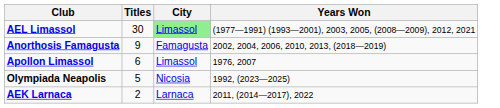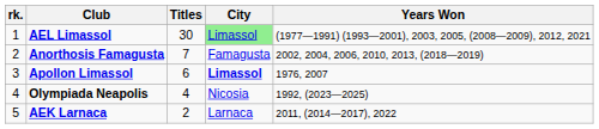 <table class="wikitable">
 <tr>
+<th scope="col">rk.</th>
 <th scope="col">Club</th>
 <th scope="col">Titles</th>
 <th scope="col">City</th>
 <th scope="col">Years Won</th>
 </tr>
 <tr>
+<td align="center">1</td>
 <td><strong><a href='#'>AEL Limassol</a></strong></td>
 <td style="text-align:center;">30</td>
 <td style="background: lightgreen;"><a href='#'>Limassol</a></td>
 <td><small>(1977—1991) (1993—2001), 2003, 2005, (2008—2009), 2012, 2021</small></td>
 </tr>
 <tr>
+<td align="center">2</td>
 <td><strong><a href='#'>Anorthosis Famagusta</a></strong></td>
-<td style="text-align:center;">9</td>
+<td style="text-align:center;">7</td>
 <td><a href='#'>Famagusta</a></td>
 <td><small>2002, 2004, 2006, 2010, 2013, (2018—2019) </small></td>
 </tr>
 <tr>
+<td align="center">3</td>
 <td><strong><a href='#'>Apollon Limassol</a></strong></td>
 <td style="text-align:center;">6</td>
-<td><a href='#'>Limassol</a></td>
+<td><strong><a href='#'>Limassol</a></strong></td>
 <td><small>1976, 2007</small></td>
 </tr>
 <tr>
+<td align="center">4</td>
 <td><strong>Olympiada Neapolis</strong></td>
-<td style="text-align:center;">5</td>
+<td style="text-align:center;">4</td>
 <td><a href='#'>Nicosia</a></td>
 <td><small>1992, (2023—2025) </small></td>
 </tr>
 <tr>
+<td align="center">5</td>
 <td><strong><a href='#'>AEK Larnaca</a></strong></td>
 <td style="text-align:center;">2</td>
 <td><a href='#'>Larnaca</a></td>
 <td><small>2011, (2014—2017), 2022 </small></td>
 </tr>
 </table>
